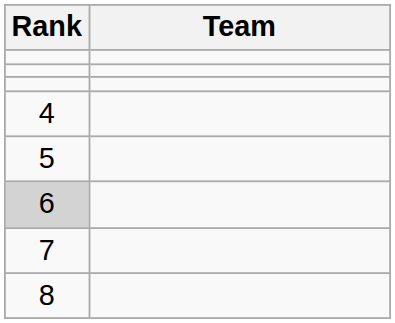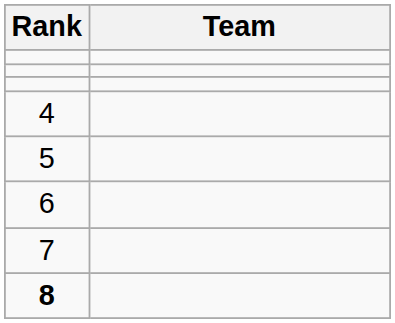 <table class=wikitable style="text-align:center;">
 <tr>
 <th>Rank</th>
 <th width=160>Team</th>
 </tr>
 <tr>
 <td></td>
 <td align=left></td>
 </tr>
 <tr>
 <td></td>
 <td align=left></td>
 </tr>
 <tr>
 <td></td>
 <td align=left></td>
 </tr>
 <tr>
 <td>4</td>
 <td align=left></td>
 </tr>
 <tr>
 <td>5</td>
 <td align=left></td>
 </tr>
 <tr>
-<td style="background: lightgrey;">6</td>
+<td>6</td>
 <td align=left></td>
 </tr>
 <tr>
 <td>7</td>
 <td align=left></td>
 </tr>
 <tr>
-<td>8</td>
+<td><strong>8</strong></td>
 <td align=left></td>
 </tr>
 </table>
